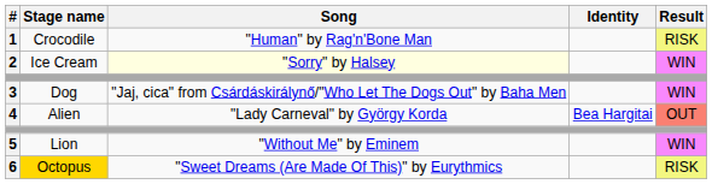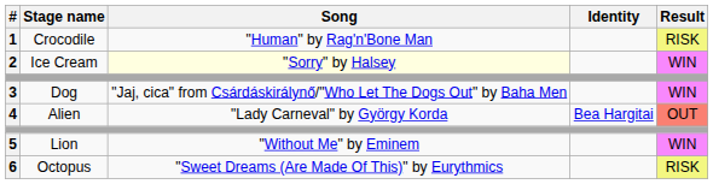 <table class="wikitable plainrowheaders" style="text-align: center">
 <tr>
 <th>#</th>
 <th>Stage name</th>
 <th>Song</th>
 <th>Identity</th>
 <th>Result</th>
 </tr>
 <tr>
 <th>1</th>
 <td>Crocodile</td>
 <td>"<a href='#'>Human</a>" by <a href='#'>Rag'n'Bone Man</a></td>
 <td></td>
 <td bgcolor="F3F781">RISK</td>
 </tr>
 <tr>
 <th>2</th>
 <td>Ice Cream</td>
 <td style="background: lightyellow;">"<a href='#'>Sorry</a>" by <a href='#'>Halsey</a></td>
 <td></td>
 <td bgcolor="F888FD">WIN</td>
 </tr>
 <tr>
 <th colspan="5" style="background:darkgrey"></th>
 </tr>
 <tr>
 <th>3</th>
 <td>Dog</td>
 <td>"Jaj, cica" from <a href='#'>Csárdáskirálynő</a>/"<a href='#'>Who Let The Dogs Out</a>" by <a href='#'>Baha Men</a></td>
 <td></td>
 <td bgcolor="F888FD">WIN</td>
 </tr>
 <tr>
 <th>4</th>
 <td>Alien</td>
 <td>"Lady Carneval" by <a href='#'>György Korda</a></td>
 <td><a href='#'>Bea Hargitai</a></td>
 <td bgcolor="salmon">OUT</td>
 </tr>
 <tr>
 <th colspan="5" style="background:darkgrey"></th>
 </tr>
 <tr>
 <th>5</th>
 <td>Lion</td>
 <td>"<a href='#'>Without Me</a>" by <a href='#'>Eminem</a></td>
 <td></td>
 <td bgcolor="F888FD">WIN</td>
 </tr>
 <tr>
 <th>6</th>
-<td style="background: gold;">Octopus</td>
+<td>Octopus</td>
 <td>"<a href='#'>Sweet Dreams (Are Made Of This)</a>" by <a href='#'>Eurythmics</a></td>
 <td></td>
 <td bgcolor="F3F781">RISK</td>
 </tr>
 </table>
